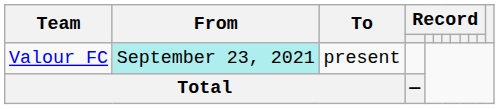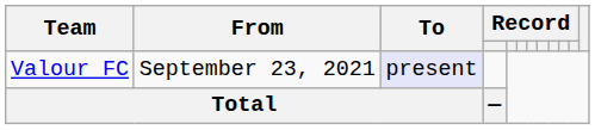 <table class="wikitable" style="text-align: center">
 <tr>
 <th rowspan="2">Team</th>
 <th rowspan="2">From</th>
 <th rowspan="2">To</th>
 <th colspan="8">Record</th>
 <th rowspan="2"></th>
 </tr>
 <tr>
 <th></th>
 <th></th>
 <th></th>
 <th></th>
 <th></th>
 <th></th>
 <th></th>
 <th></th>
 </tr>
 <tr>
 <td><a href='#'>Valour FC</a></td>
-<td style="background: paleturquoise;">September 23, 2021</td>
-<td>present<br></td>
+<td>September 23, 2021</td>
+<td style="background: lavender;">present<br></td>
 <td></td>
 </tr>
 <tr>
 <th colspan="3">Total<br></th>
 <th>—</th>
 </tr>
 </table>
